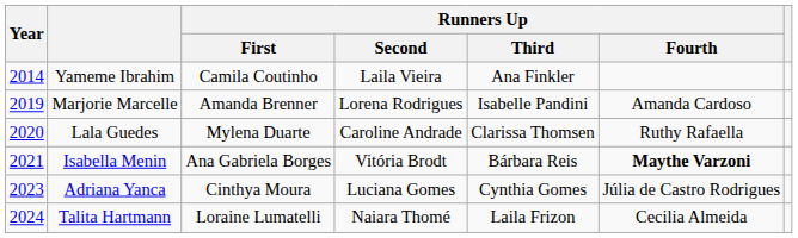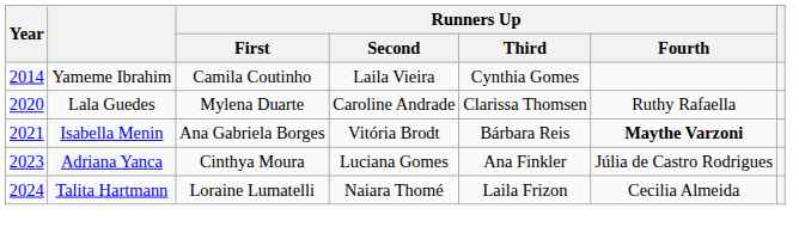 <table class="wikitable" style="font-size:95%; text-align:center">
 <tr>
 <th rowspan="2">Year</th>
 <th rowspan="2"></th>
 <th colspan="4">Runners Up</th>
 <th rowspan="2"></th>
 </tr>
 <tr>
 <th>First</th>
 <th>Second</th>
 <th>Third</th>
 <th>Fourth</th>
 </tr>
 <tr>
 <td><a href='#'>2014</a></td>
 <td>Yameme Ibrahim<br></td>
 <td>Camila Coutinho<br></td>
 <td>Laila Vieira<br></td>
-<td>Ana Finkler<br></td>
+<td>Cynthia Gomes<br></td>
 <td></td>
-<td></td>
-</tr>
-<tr>
-<td><a href='#'>2019</a></td>
-<td>Marjorie Marcelle<br></td>
-<td>Amanda Brenner<br></td>
-<td>Lorena Rodrigues<br></td>
-<td>Isabelle Pandini<br></td>
-<td>Amanda Cardoso<br></td>
 <td></td>
 </tr>
 <tr>
 <td><a href='#'>2020</a></td>
 <td>Lala Guedes<br></td>
 <td>Mylena Duarte<br></td>
 <td>Caroline Andrade<br></td>
 <td>Clarissa Thomsen<br></td>
 <td>Ruthy Rafaella<br></td>
 <td></td>
 </tr>
 <tr>
 <td><a href='#'>2021</a></td>
 <td><a href='#'>Isabella Menin</a><br></td>
 <td>Ana Gabriela Borges<br></td>
 <td>Vitória Brodt<br></td>
 <td>Bárbara Reis<br></td>
 <td><strong>Maythe Varzoni<br></strong></td>
 <td></td>
 </tr>
 <tr>
 <td><a href='#'>2023</a></td>
 <td><a href='#'>Adriana Yanca</a><br></td>
 <td>Cinthya Moura<br></td>
 <td>Luciana Gomes<br></td>
-<td>Cynthia Gomes<br></td>
+<td>Ana Finkler<br></td>
 <td>Júlia de Castro Rodrigues<br></td>
 <td></td>
 </tr>
 <tr>
 <td><a href='#'>2024</a></td>
 <td><a href='#'>Talita Hartmann</a><br></td>
 <td>Loraine Lumatelli<br></td>
 <td>Naiara Thomé<br></td>
 <td>Laila Frizon<br></td>
 <td>Cecilia Almeida<br></td>
 <td></td>
 </tr>
 </table>
